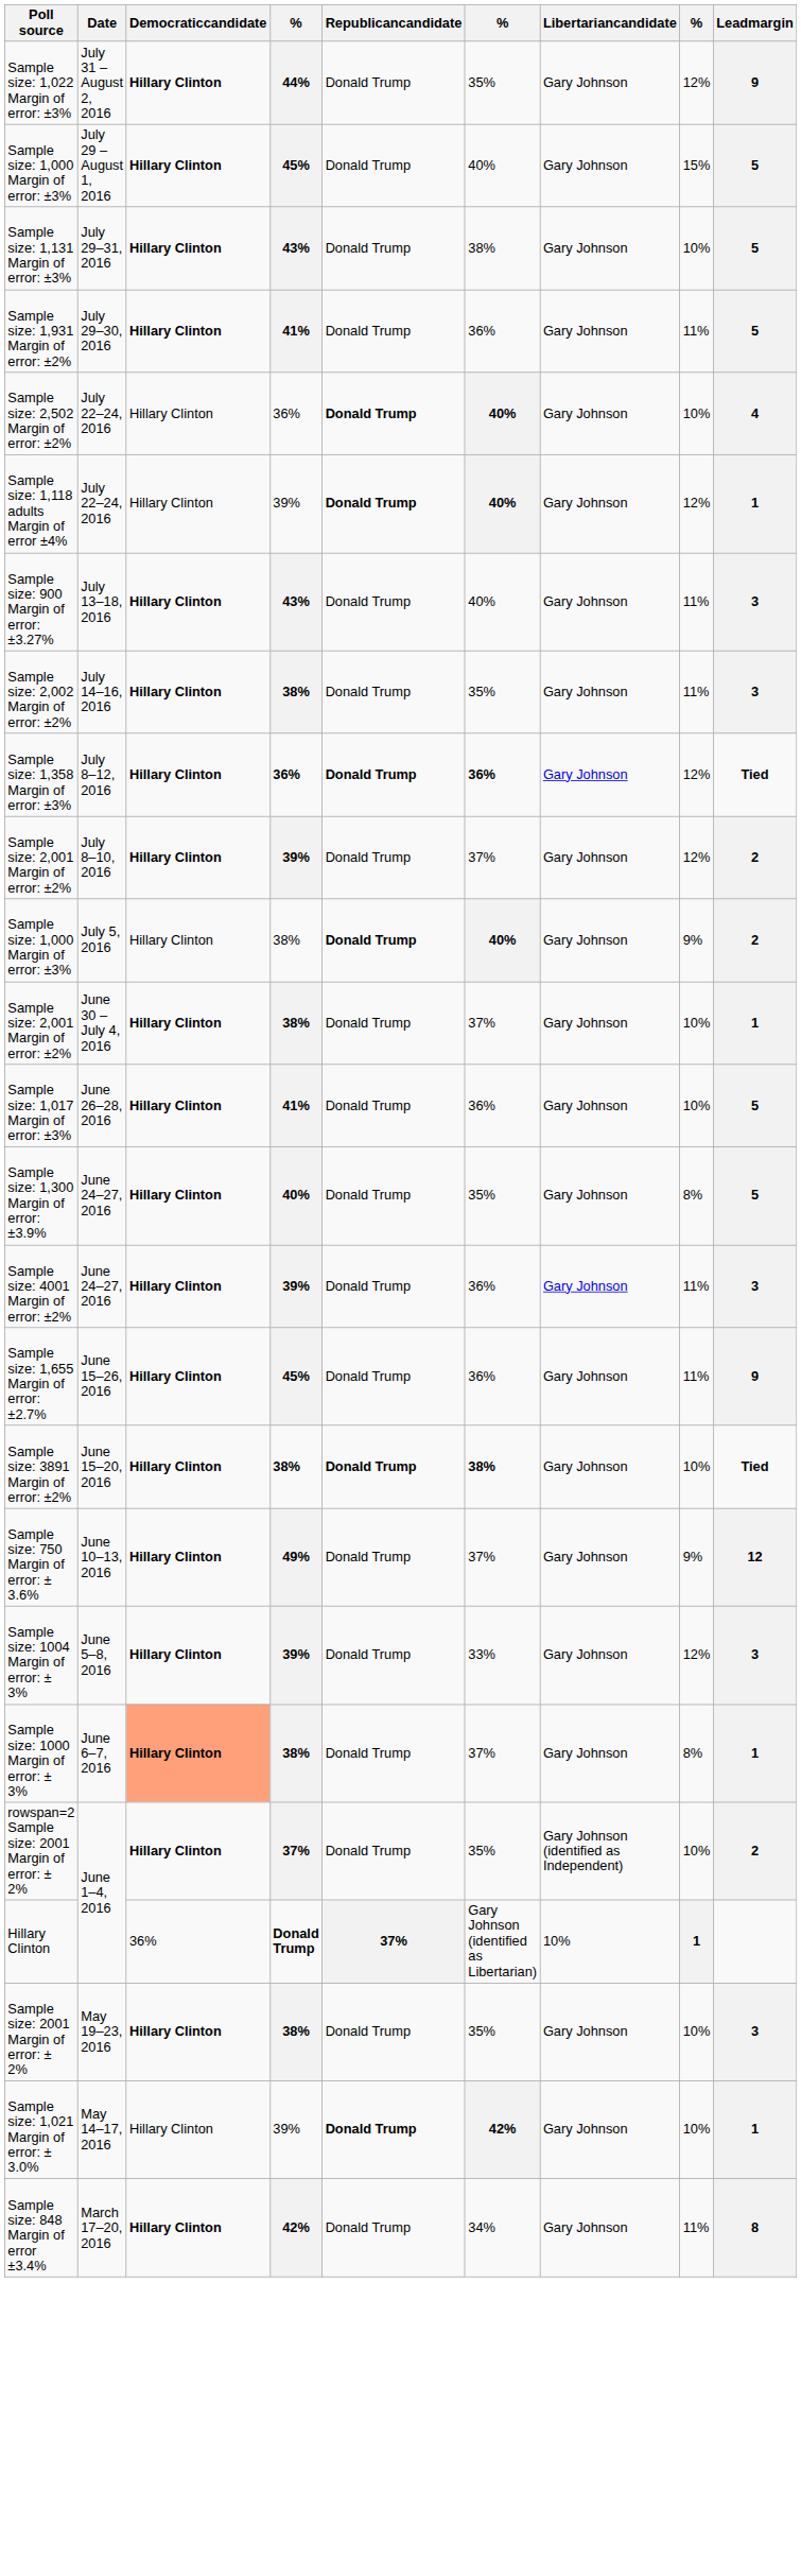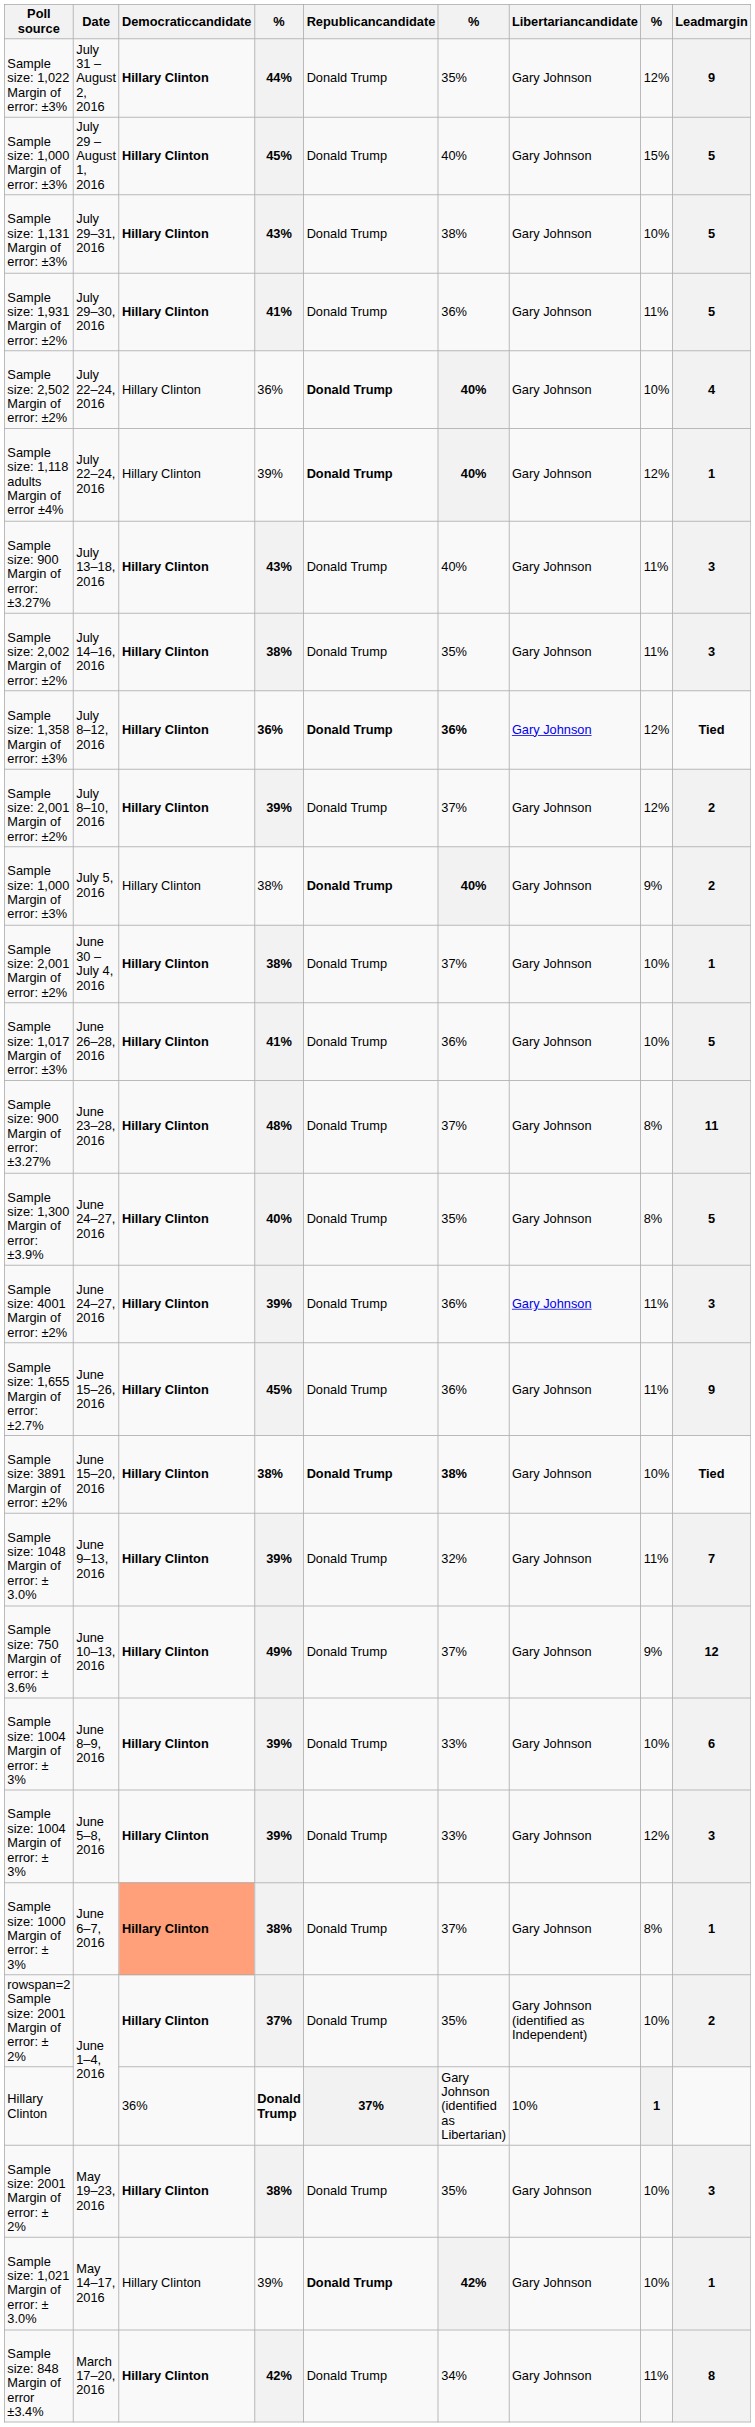 <table class="wikitable sortable sticky-header sort-under">
 <tr>
 <th style="width:20%;">Poll source</th>
 <th style="width:15%;">Date</th>
 <th style="width:20%;">Democraticcandidate</th>
 <th style="width:5%;">%</th>
 <th style="width:20%;">Republicancandidate</th>
 <th style="width:5%;">%</th>
 <th style="width:20%;">Libertariancandidate</th>
 <th style="width:5%;">%</th>
 <th style="width:15%;">Leadmargin</th>
 </tr>
 <tr>
 <td><br>Sample size: 1,022<br>Margin of error: ±3%</td>
 <td>July 31 – August 2, 2016</td>
 <td><strong>Hillary Clinton</strong></td>
 <th>44%</th>
 <td>Donald Trump</td>
 <td>35%</td>
 <td>Gary Johnson</td>
 <td>12%</td>
 <th>9</th>
 </tr>
 <tr>
 <td><br>Sample size: 1,000<br>Margin of error: ±3%</td>
 <td>July 29 – August 1, 2016</td>
 <td><strong>Hillary Clinton</strong></td>
 <th>45%</th>
 <td>Donald Trump</td>
 <td>40%</td>
 <td>Gary Johnson</td>
 <td>15%</td>
 <th>5</th>
 </tr>
 <tr>
 <td><br>Sample size: 1,131<br>Margin of error: ±3%</td>
 <td>July 29–31, 2016</td>
 <td><strong>Hillary Clinton</strong></td>
 <th>43%</th>
 <td>Donald Trump</td>
 <td>38%</td>
 <td>Gary Johnson</td>
 <td>10%</td>
 <th>5</th>
 </tr>
 <tr>
 <td><br>Sample size: 1,931<br>Margin of error: ±2%</td>
 <td>July 29–30, 2016</td>
 <td><strong>Hillary Clinton</strong></td>
 <th>41%</th>
 <td>Donald Trump</td>
 <td>36%</td>
 <td>Gary Johnson</td>
 <td>11%</td>
 <th>5</th>
 </tr>
 <tr>
 <td><br>Sample size: 2,502<br>Margin of error: ±2%</td>
 <td>July 22–24, 2016</td>
 <td>Hillary Clinton</td>
 <td>36%</td>
 <td><strong>Donald Trump</strong></td>
 <th>40%</th>
 <td>Gary Johnson</td>
 <td>10%</td>
 <th>4</th>
 </tr>
 <tr>
 <td><br>Sample size: 1,118 adults<br>Margin of error ±4%</td>
 <td>July 22–24, 2016</td>
 <td>Hillary Clinton</td>
 <td>39%</td>
 <td><strong>Donald Trump</strong></td>
 <th>40%</th>
 <td>Gary Johnson</td>
 <td>12%</td>
 <th>1</th>
 </tr>
 <tr>
 <td><br>Sample size: 900<br>Margin of error: ±3.27%</td>
 <td>July 13–18, 2016</td>
 <td><strong>Hillary Clinton</strong></td>
 <th>43%</th>
 <td>Donald Trump</td>
 <td>40%</td>
 <td>Gary Johnson</td>
 <td>11%</td>
 <th>3</th>
 </tr>
 <tr>
 <td><br>Sample size: 2,002<br>Margin of error: ±2%</td>
 <td>July 14–16, 2016</td>
 <td><strong>Hillary Clinton</strong></td>
 <th>38%</th>
 <td>Donald Trump</td>
 <td>35%</td>
 <td>Gary Johnson</td>
 <td>11%</td>
 <th>3</th>
 </tr>
 <tr>
 <td><br>Sample size: 1,358<br>Margin of error: ±3%</td>
 <td>July 8–12, 2016</td>
 <td><strong>Hillary Clinton</strong></td>
 <td><strong>36%</strong></td>
 <td><strong>Donald Trump</strong></td>
 <td><strong>36%</strong></td>
 <td><a href='#'>Gary Johnson</a></td>
 <td>12%</td>
 <td align=center><strong>Tied</strong></td>
 </tr>
 <tr>
 <td><br>Sample size: 2,001<br>Margin of error: ±2%</td>
 <td>July 8–10, 2016</td>
 <td><strong>Hillary Clinton</strong></td>
 <th>39%</th>
 <td>Donald Trump</td>
 <td>37%</td>
 <td>Gary Johnson</td>
 <td>12%</td>
 <th>2</th>
 </tr>
 <tr>
 <td><br>Sample size: 1,000<br>Margin of error: ±3%</td>
 <td>July 5, 2016</td>
 <td>Hillary Clinton</td>
 <td>38%</td>
 <td><strong>Donald Trump</strong></td>
 <th>40%</th>
 <td>Gary Johnson</td>
 <td>9%</td>
 <th>2</th>
 </tr>
 <tr>
 <td><br>Sample size: 2,001<br>Margin of error: ±2%</td>
 <td>June 30 – July 4, 2016</td>
 <td><strong>Hillary Clinton</strong></td>
 <th>38%</th>
 <td>Donald Trump</td>
 <td>37%</td>
 <td>Gary Johnson</td>
 <td>10%</td>
 <th>1</th>
 </tr>
 <tr>
 <td><br>Sample size: 1,017<br>Margin of error: ±3%</td>
 <td>June 26–28, 2016</td>
 <td><strong>Hillary Clinton</strong></td>
 <th>41%</th>
 <td>Donald Trump</td>
 <td>36%</td>
 <td>Gary Johnson</td>
 <td>10%</td>
 <th>5</th>
 </tr>
 <tr>
+<td><br>Sample size: 900<br>Margin of error: ±3.27%</td>
+<td>June 23–28, 2016</td>
+<td><strong>Hillary Clinton</strong></td>
+<th>48%</th>
+<td>Donald Trump</td>
+<td>37%</td>
+<td>Gary Johnson</td>
+<td>8%</td>
+<th>11</th>
+</tr>
+<tr>
 <td><br>Sample size: 1,300<br>Margin of error: ±3.9%</td>
 <td>June 24–27, 2016</td>
 <td><strong>Hillary Clinton</strong></td>
 <th>40%</th>
 <td>Donald Trump</td>
 <td>35%</td>
 <td>Gary Johnson</td>
 <td>8%</td>
 <th>5</th>
 </tr>
 <tr>
 <td><br>Sample size: 4001<br>Margin of error: ±2%</td>
 <td>June 24–27, 2016</td>
 <td><strong>Hillary Clinton</strong></td>
 <th>39%</th>
 <td>Donald Trump</td>
 <td>36%</td>
 <td><a href='#'>Gary Johnson</a></td>
 <td>11%</td>
 <th>3</th>
 </tr>
 <tr>
 <td><br>Sample size: 1,655<br>Margin of error: ±2.7%</td>
 <td>June 15–26, 2016</td>
 <td><strong>Hillary Clinton</strong></td>
 <th>45%</th>
 <td>Donald Trump</td>
 <td>36%</td>
 <td>Gary Johnson</td>
 <td>11%</td>
 <th>9</th>
 </tr>
 <tr>
 <td><br>Sample size: 3891<br>Margin of error: ±2%</td>
 <td>June 15–20, 2016</td>
 <td><strong>Hillary Clinton</strong></td>
 <td><strong>38%</strong></td>
 <td><strong>Donald Trump</strong></td>
 <td><strong>38%</strong></td>
 <td>Gary Johnson</td>
 <td>10%</td>
 <td align=center><strong>Tied</strong></td>
 </tr>
 <tr>
+<td><br>Sample size: 1048<br>Margin of error: ± 3.0%</td>
+<td>June 9–13, 2016</td>
+<td><strong>Hillary Clinton</strong></td>
+<th>39%</th>
+<td>Donald Trump</td>
+<td>32%</td>
+<td>Gary Johnson</td>
+<td>11%</td>
+<th>7</th>
+</tr>
+<tr>
 <td><br>Sample size: 750<br>Margin of error: ± 3.6%</td>
 <td>June 10–13, 2016</td>
 <td><strong>Hillary Clinton</strong></td>
 <th>49%</th>
 <td>Donald Trump</td>
 <td>37%</td>
 <td>Gary Johnson</td>
 <td>9%</td>
 <th>12</th>
+</tr>
+<tr>
+<td><br>Sample size: 1004<br>Margin of error: ± 3%</td>
+<td>June 8–9, 2016</td>
+<td><strong>Hillary Clinton</strong></td>
+<th>39%</th>
+<td>Donald Trump</td>
+<td>33%</td>
+<td>Gary Johnson</td>
+<td>10%</td>
+<th>6</th>
 </tr>
 <tr>
 <td><br>Sample size: 1004<br>Margin of error: ± 3%</td>
 <td>June 5–8, 2016</td>
 <td><strong>Hillary Clinton</strong></td>
 <th>39%</th>
 <td>Donald Trump</td>
 <td>33%</td>
 <td>Gary Johnson</td>
 <td>12%</td>
 <th>3</th>
 </tr>
 <tr>
 <td><br>Sample size: 1000<br>Margin of error: ± 3%</td>
 <td>June 6–7, 2016</td>
 <td style="background: lightsalmon;"><strong>Hillary Clinton</strong></td>
 <th>38%</th>
 <td>Donald Trump</td>
 <td>37%</td>
 <td>Gary Johnson</td>
 <td>8%</td>
 <th>1</th>
 </tr>
 <tr>
 <td>rowspan=2 <br>Sample size: 2001<br>Margin of error: ± 2%</td>
 <td rowspan=2>June 1–4, 2016</td>
 <td><strong>Hillary Clinton</strong></td>
 <th>37%</th>
 <td>Donald Trump</td>
 <td>35%</td>
 <td>Gary Johnson (identified as Independent)</td>
 <td>10%</td>
 <th>2</th>
 </tr>
 <tr>
 <td>Hillary Clinton</td>
 <td>36%</td>
 <td><strong>Donald Trump</strong></td>
 <th>37%</th>
 <td>Gary Johnson (identified as Libertarian)</td>
 <td>10%</td>
 <th>1</th>
 </tr>
 <tr>
 <td><br>Sample size: 2001<br>Margin of error: ± 2%</td>
 <td>May 19–23, 2016</td>
 <td><strong>Hillary Clinton</strong></td>
 <th>38%</th>
 <td>Donald Trump</td>
 <td>35%</td>
 <td>Gary Johnson</td>
 <td>10%</td>
 <th>3</th>
 </tr>
 <tr>
 <td><br>Sample size: 1,021<br>Margin of error: ± 3.0%</td>
 <td>May 14–17, 2016</td>
 <td>Hillary Clinton</td>
 <td>39%</td>
 <td><strong>Donald Trump</strong></td>
 <th>42%</th>
 <td>Gary Johnson</td>
 <td>10%</td>
 <th>1</th>
 </tr>
 <tr>
 <td><br>Sample size: 848<br>Margin of error ±3.4%</td>
 <td>March 17–20, 2016</td>
 <td><strong>Hillary Clinton</strong></td>
 <th>42%</th>
 <td>Donald Trump</td>
 <td>34%</td>
 <td>Gary Johnson</td>
 <td>11%</td>
 <th>8</th>
 </tr>
 </table>
